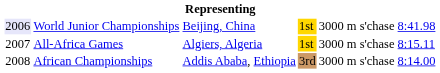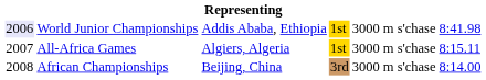 <table>
 <tr>
 <th colspan="6">Representing </th>
 </tr>
 <tr>
 <td style="background: lavender;">2006</td>
 <td><a href='#'>World Junior Championships</a></td>
-<td><a href='#'>Beijing, China</a></td>
+<td><a href='#'>Addis Ababa</a>, <a href='#'>Ethiopia</a></td>
 <td bgcolor="gold">1st</td>
 <td>3000 m s'chase</td>
 <td><a href='#'>8:41.98</a></td>
 </tr>
 <tr>
 <td>2007</td>
 <td><a href='#'>All-Africa Games</a></td>
 <td><a href='#'>Algiers, Algeria</a></td>
 <td bgcolor="gold">1st</td>
 <td>3000 m s'chase</td>
 <td><a href='#'>8:15.11</a></td>
 </tr>
 <tr>
 <td>2008</td>
 <td><a href='#'>African Championships</a></td>
-<td><a href='#'>Addis Ababa</a>, <a href='#'>Ethiopia</a></td>
+<td><a href='#'>Beijing, China</a></td>
 <td bgcolor="cc9966">3rd</td>
 <td>3000 m s'chase</td>
 <td><a href='#'>8:14.00</a></td>
 </tr>
 </table>
